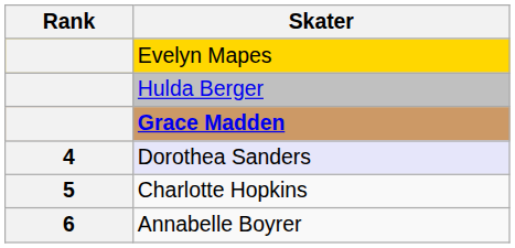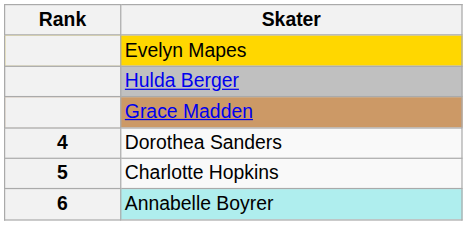 <table class="wikitable unsortable" style="text-align:left; width:30%">
 <tr>
 <th scope="col">Rank</th>
 <th scope="col">Skater</th>
 </tr>
 <tr bgcolor="gold">
 <th scope="row"></th>
 <td>Evelyn Mapes</td>
 </tr>
 <tr bgcolor="silver">
 <th scope="row"></th>
 <td><a href='#'>Hulda Berger</a></td>
 </tr>
 <tr bgcolor="cc9966">
 <th scope="row"></th>
-<td><strong><a href='#'>Grace Madden</a></strong></td>
+<td><a href='#'>Grace Madden</a></td>
 </tr>
 <tr>
 <th scope="row">4</th>
-<td style="background: lavender;">Dorothea Sanders</td>
+<td>Dorothea Sanders</td>
 </tr>
 <tr>
 <th scope="row">5</th>
 <td>Charlotte Hopkins</td>
 </tr>
 <tr>
 <th scope="row">6</th>
-<td>Annabelle Boyrer</td>
+<td style="background: paleturquoise;">Annabelle Boyrer</td>
 </tr>
 </table>
